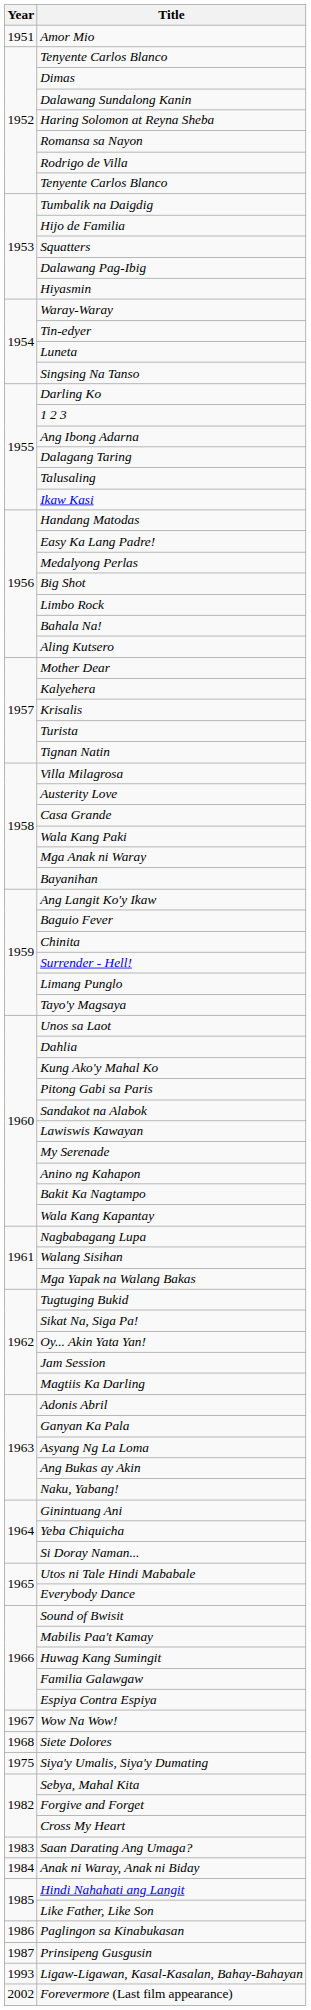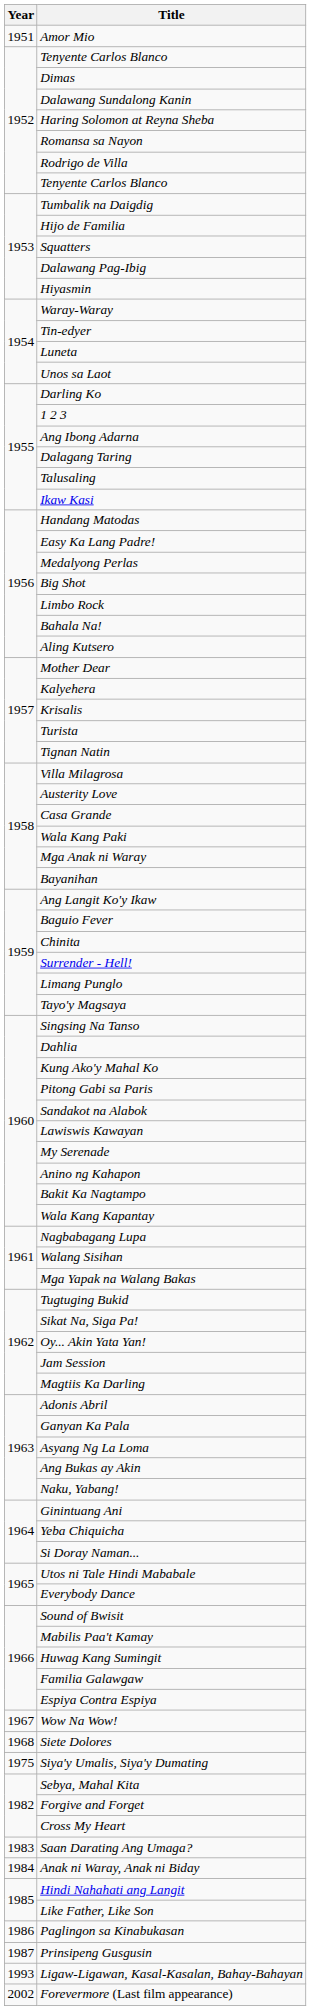 <table class="wikitable plainrowheaders sortable">
 <tr>
 <th>Year</th>
 <th>Title</th>
 </tr>
 <tr>
 <td>1951</td>
 <td><em>Amor Mio</em></td>
 </tr>
 <tr>
 <td rowspan="7">1952</td>
 <td><em>Tenyente Carlos Blanco</em></td>
 </tr>
 <tr>
 <td><em>Dimas</em></td>
 </tr>
 <tr>
 <td><em>Dalawang Sundalong Kanin</em></td>
 </tr>
 <tr>
 <td><em>Haring Solomon at Reyna Sheba</em></td>
 </tr>
 <tr>
 <td><em>Romansa sa Nayon</em></td>
 </tr>
 <tr>
 <td><em>Rodrigo de Villa</em></td>
 </tr>
 <tr>
 <td><em>Tenyente Carlos Blanco</em></td>
 </tr>
 <tr>
 <td rowspan="5">1953</td>
 <td><em>Tumbalik na Daigdig</em></td>
 </tr>
 <tr>
 <td><em>Hijo de Familia</em></td>
 </tr>
 <tr>
 <td><em>Squatters</em></td>
 </tr>
 <tr>
 <td><em>Dalawang Pag-Ibig</em></td>
 </tr>
 <tr>
 <td><em>Hiyasmin</em></td>
 </tr>
 <tr>
 <td rowspan="4">1954</td>
 <td><em>Waray-Waray</em></td>
 </tr>
 <tr>
 <td><em>Tin-edyer</em></td>
 </tr>
 <tr>
 <td><em>Luneta</em></td>
 </tr>
 <tr>
-<td><em>Singsing Na Tanso</em></td>
+<td><em>Unos sa Laot</em></td>
 </tr>
 <tr>
 <td rowspan="6">1955</td>
 <td><em>Darling Ko</em></td>
 </tr>
 <tr>
 <td><em>1 2 3</em></td>
 </tr>
 <tr>
 <td><em>Ang Ibong Adarna</em></td>
 </tr>
 <tr>
 <td><em>Dalagang Taring</em></td>
 </tr>
 <tr>
 <td><em>Talusaling</em></td>
 </tr>
 <tr>
 <td><em><a href='#'>Ikaw Kasi</a></em></td>
 </tr>
 <tr>
 <td rowspan="7">1956</td>
 <td><em>Handang Matodas</em></td>
 </tr>
 <tr>
 <td><em>Easy Ka Lang Padre!</em></td>
 </tr>
 <tr>
 <td><em>Medalyong Perlas</em></td>
 </tr>
 <tr>
 <td><em>Big Shot</em></td>
 </tr>
 <tr>
 <td><em>Limbo Rock</em></td>
 </tr>
 <tr>
 <td><em>Bahala Na!</em></td>
 </tr>
 <tr>
 <td><em>Aling Kutsero</em></td>
 </tr>
 <tr>
 <td rowspan="5">1957</td>
 <td><em>Mother Dear</em></td>
 </tr>
 <tr>
 <td><em>Kalyehera</em></td>
 </tr>
 <tr>
 <td><em>Krisalis</em></td>
 </tr>
 <tr>
 <td><em>Turista</em></td>
 </tr>
 <tr>
 <td><em>Tignan Natin</em></td>
 </tr>
 <tr>
 <td rowspan="6">1958</td>
 <td><em>Villa Milagrosa</em></td>
 </tr>
 <tr>
 <td><em>Austerity Love</em></td>
 </tr>
 <tr>
 <td><em>Casa Grande</em></td>
 </tr>
 <tr>
 <td><em>Wala Kang Paki</em></td>
 </tr>
 <tr>
 <td><em>Mga Anak ni Waray</em></td>
 </tr>
 <tr>
 <td><em>Bayanihan</em></td>
 </tr>
 <tr>
 <td rowspan="6">1959</td>
 <td><em>Ang Langit Ko'y Ikaw</em></td>
 </tr>
 <tr>
 <td><em>Baguio Fever</em></td>
 </tr>
 <tr>
 <td><em>Chinita</em></td>
 </tr>
 <tr>
 <td><em><a href='#'>Surrender - Hell!</a></em></td>
 </tr>
 <tr>
 <td><em>Limang Punglo</em> </td>
 </tr>
 <tr>
 <td><em>Tayo'y Magsaya</em></td>
 </tr>
 <tr>
 <td rowspan="10">1960</td>
-<td><em>Unos sa Laot</em></td>
+<td><em>Singsing Na Tanso</em></td>
 </tr>
 <tr>
 <td><em>Dahlia</em></td>
 </tr>
 <tr>
 <td><em>Kung Ako'y Mahal Ko</em></td>
 </tr>
 <tr>
 <td><em>Pitong Gabi sa Paris</em></td>
 </tr>
 <tr>
 <td><em>Sandakot na Alabok</em></td>
 </tr>
 <tr>
 <td><em>Lawiswis Kawayan</em></td>
 </tr>
 <tr>
 <td><em>My Serenade</em></td>
 </tr>
 <tr>
 <td><em>Anino ng Kahapon</em></td>
 </tr>
 <tr>
 <td><em>Bakit Ka Nagtampo</em></td>
 </tr>
 <tr>
 <td><em>Wala Kang Kapantay</em></td>
 </tr>
 <tr>
 <td rowspan="3">1961</td>
 <td><em>Nagbabagang Lupa</em></td>
 </tr>
 <tr>
 <td><em>Walang Sisihan</em></td>
 </tr>
 <tr>
 <td><em>Mga Yapak na Walang Bakas</em></td>
 </tr>
 <tr>
 <td rowspan="5">1962</td>
 <td><em>Tugtuging Bukid</em></td>
 </tr>
 <tr>
 <td><em>Sikat Na, Siga Pa!</em></td>
 </tr>
 <tr>
 <td><em>Oy... Akin Yata Yan!</em></td>
 </tr>
 <tr>
 <td><em>Jam Session</em></td>
 </tr>
 <tr>
 <td><em>Magtiis Ka Darling</em></td>
 </tr>
 <tr>
 <td rowspan="5">1963</td>
 <td><em>Adonis Abril</em></td>
 </tr>
 <tr>
 <td><em>Ganyan Ka Pala</em></td>
 </tr>
 <tr>
 <td><em>Asyang Ng La Loma</em></td>
 </tr>
 <tr>
 <td><em>Ang Bukas ay Akin</em></td>
 </tr>
 <tr>
 <td><em>Naku, Yabang!</em></td>
 </tr>
 <tr>
 <td rowspan="3">1964</td>
 <td><em>Ginintuang Ani</em></td>
 </tr>
 <tr>
 <td><em>Yeba Chiquicha</em></td>
 </tr>
 <tr>
 <td><em>Si Doray Naman...</em></td>
 </tr>
 <tr>
 <td rowspan="2">1965</td>
 <td><em>Utos ni Tale Hindi Mababale</em></td>
 </tr>
 <tr>
 <td><em>Everybody Dance</em></td>
 </tr>
 <tr>
 <td rowspan="5">1966</td>
 <td><em>Sound of Bwisit</em></td>
 </tr>
 <tr>
 <td><em>Mabilis Paa't Kamay</em></td>
 </tr>
 <tr>
 <td><em>Huwag Kang Sumingit</em></td>
 </tr>
 <tr>
 <td><em>Familia Galawgaw</em></td>
 </tr>
 <tr>
 <td><em>Espiya Contra Espiya</em></td>
 </tr>
 <tr>
 <td>1967</td>
 <td><em>Wow Na Wow!</em></td>
 </tr>
 <tr>
 <td>1968</td>
 <td><em>Siete Dolores</em></td>
 </tr>
 <tr>
 <td>1975</td>
 <td><em>Siya'y Umalis, Siya'y Dumating</em></td>
 </tr>
 <tr>
 <td rowspan="3">1982</td>
 <td><em>Sebya, Mahal Kita</em></td>
 </tr>
 <tr>
 <td><em>Forgive and Forget</em></td>
 </tr>
 <tr>
 <td><em>Cross My Heart</em></td>
 </tr>
 <tr>
 <td>1983</td>
 <td><em>Saan Darating Ang Umaga?</em></td>
 </tr>
 <tr>
 <td>1984</td>
 <td><em>Anak ni Waray, Anak ni Biday</em></td>
 </tr>
 <tr>
 <td rowspan="2">1985</td>
 <td><em><a href='#'>Hindi Nahahati ang Langit</a></em></td>
 </tr>
 <tr>
 <td><em>Like Father, Like Son</em></td>
 </tr>
 <tr>
 <td>1986</td>
 <td><em>Paglingon sa Kinabukasan</em></td>
 </tr>
 <tr>
 <td>1987</td>
 <td><em>Prinsipeng Gusgusin</em></td>
 </tr>
 <tr>
 <td>1993</td>
 <td><em>Ligaw-Ligawan, Kasal-Kasalan, Bahay-Bahayan</em></td>
 </tr>
 <tr>
 <td>2002</td>
 <td><em>Forevermore</em> (Last film appearance)</td>
 </tr>
 </table>
